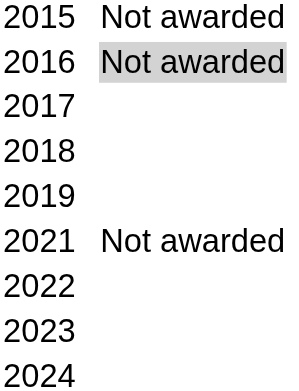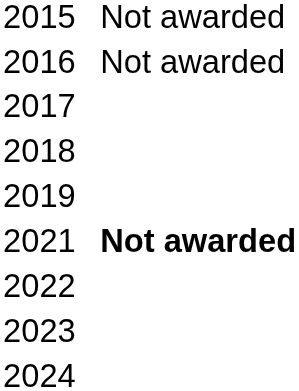 <table>
 <tr>
 <td align="center">2015</td>
 <td></td>
 <td></td>
 <td>Not awarded</td>
 </tr>
 <tr>
 <td align="center">2016</td>
 <td></td>
 <td></td>
-<td style="background: lightgrey;">Not awarded</td>
+<td>Not awarded</td>
 </tr>
 <tr>
 <td align="center">2017</td>
 <td></td>
 <td></td>
 <td></td>
 </tr>
 <tr>
 <td align="center">2018</td>
 <td></td>
 <td></td>
 <td></td>
 </tr>
 <tr>
 <td align="center">2019</td>
 <td></td>
 <td></td>
 <td></td>
 </tr>
 <tr>
 <td align="center">2021</td>
 <td></td>
 <td></td>
-<td>Not awarded</td>
+<td><strong>Not awarded</strong></td>
 </tr>
 <tr>
 <td align="center">2022</td>
 <td></td>
 <td></td>
 <td></td>
 </tr>
 <tr>
 <td align="center">2023</td>
 <td></td>
 <td></td>
 <td></td>
 </tr>
 <tr>
 <td align="center">2024</td>
 <td></td>
 <td></td>
 <td></td>
 </tr>
 </table>
